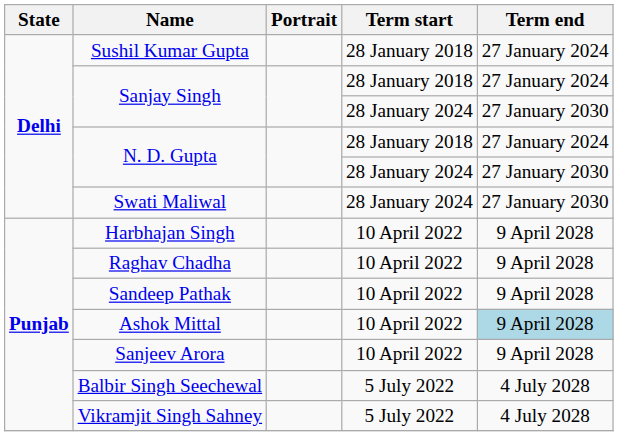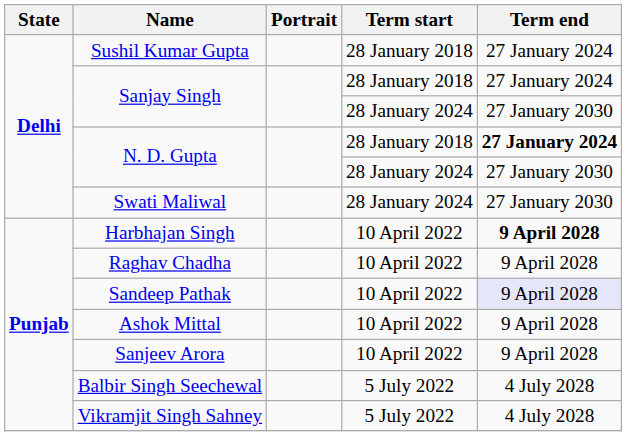 <table class="wikitable sortable" style="text-align:center;">
 <tr>
 <th Style="background-color:">State</th>
 <th Style="background-color:">Name</th>
 <th style="background-color:">Portrait</th>
 <th style="background-color:">Term start</th>
 <th Style="background-color:">Term end</th>
 </tr>
 <tr>
 <td rowspan="6"><strong><a href='#'>Delhi</a></strong></td>
 <td><a href='#'>Sushil Kumar Gupta</a></td>
 <td></td>
 <td>28 January 2018</td>
 <td>27 January 2024</td>
 </tr>
 <tr>
 <td rowspan="2"><a href='#'>Sanjay Singh</a></td>
 <td rowspan="2"></td>
 <td>28 January 2018</td>
 <td>27 January 2024</td>
 </tr>
 <tr>
 <td>28 January 2024</td>
 <td>27 January 2030</td>
 </tr>
 <tr>
 <td rowspan="2"><a href='#'>N. D. Gupta</a></td>
 <td rowspan="2"></td>
 <td>28 January 2018</td>
-<td>27 January 2024</td>
+<td><strong>27 January 2024</strong></td>
 </tr>
 <tr>
 <td>28 January 2024</td>
 <td>27 January 2030</td>
 </tr>
 <tr>
 <td><a href='#'>Swati Maliwal</a></td>
 <td></td>
 <td>28 January 2024</td>
 <td>27 January 2030</td>
 </tr>
 <tr>
 <td rowspan="7"><strong><a href='#'>Punjab</a></strong></td>
 <td><a href='#'>Harbhajan Singh</a></td>
 <td></td>
 <td>10 April 2022</td>
-<td>9 April 2028</td>
+<td><strong>9 April 2028</strong></td>
 </tr>
 <tr>
 <td><a href='#'>Raghav Chadha</a></td>
 <td></td>
 <td>10 April 2022</td>
 <td>9 April 2028</td>
 </tr>
 <tr>
 <td><a href='#'>Sandeep Pathak</a></td>
 <td></td>
 <td>10 April 2022</td>
-<td>9 April 2028</td>
+<td style="background: lavender;">9 April 2028</td>
 </tr>
 <tr>
 <td><a href='#'>Ashok Mittal</a></td>
 <td></td>
 <td>10 April 2022</td>
-<td style="background: lightblue;">9 April 2028</td>
+<td>9 April 2028</td>
 </tr>
 <tr>
 <td><a href='#'>Sanjeev Arora</a></td>
 <td></td>
 <td>10 April 2022</td>
 <td>9 April 2028</td>
 </tr>
 <tr>
 <td><a href='#'>Balbir Singh Seechewal</a></td>
 <td></td>
 <td>5 July 2022</td>
 <td>4 July 2028</td>
 </tr>
 <tr>
 <td><a href='#'>Vikramjit Singh Sahney</a></td>
 <td></td>
 <td>5 July 2022</td>
 <td>4 July 2028</td>
 </tr>
 <tr>
 </tr>
 </table>
